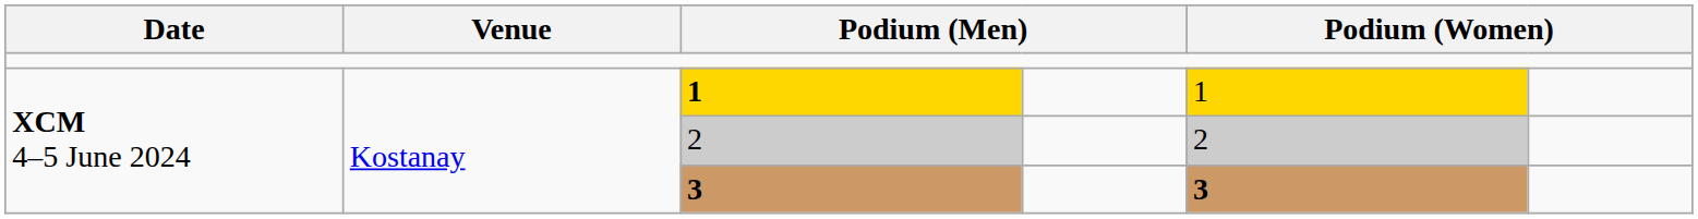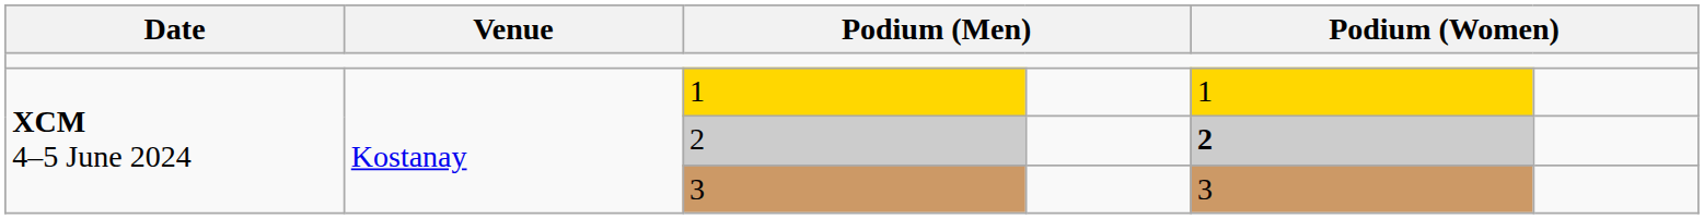 <table class="wikitable" width=70%>
 <tr>
 <th>Date</th>
 <th width=20%>Venue</th>
 <th colspan=2 width=30%>Podium (Men)</th>
 <th colspan=2 width=30%>Podium (Women)</th>
 </tr>
 <tr>
 <td colspan=6></td>
 </tr>
 <tr>
 <td rowspan=3><strong>XCM</strong> <br> 4–5 June 2024</td>
 <td rowspan=3><br><a href='#'>Kostanay</a></td>
-<td bgcolor=FFD700><strong>1</strong></td>
+<td bgcolor=FFD700>1</td>
 <td></td>
 <td bgcolor=FFD700>1</td>
 <td></td>
 </tr>
 <tr>
 <td bgcolor=CCCCCC>2</td>
 <td></td>
-<td bgcolor=CCCCCC>2</td>
+<td bgcolor=CCCCCC><strong>2</strong></td>
 <td></td>
 </tr>
 <tr>
-<td bgcolor=CC9966><strong>3</strong></td>
+<td bgcolor=CC9966>3</td>
 <td></td>
-<td bgcolor=CC9966><strong>3</strong></td>
+<td bgcolor=CC9966>3</td>
 <td></td>
 </tr>
 </table>
